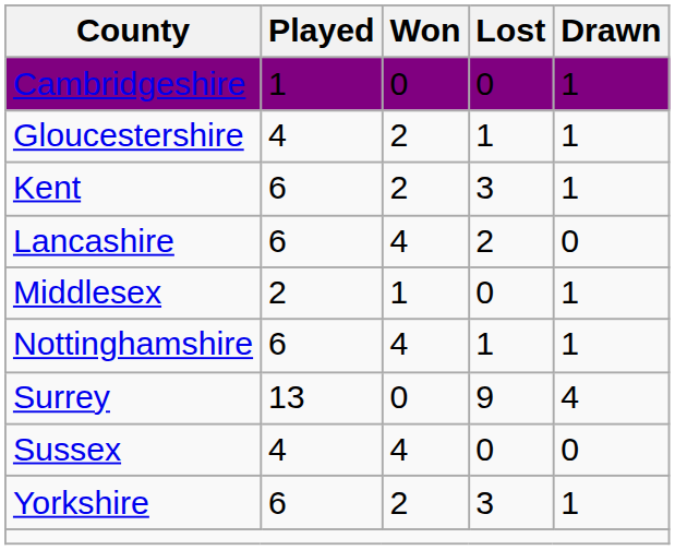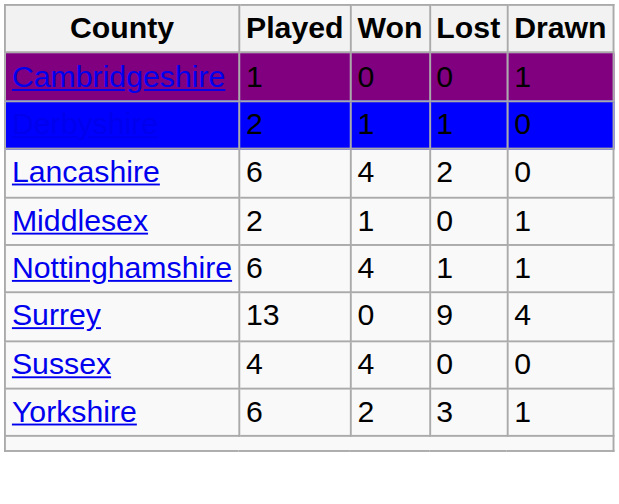 <table class="wikitable sortable">
 <tr>
 <th>County</th>
 <th>Played</th>
 <th>Won</th>
 <th>Lost</th>
 <th>Drawn</th>
 </tr>
 <tr style="background:purple">
 <td><a href='#'>Cambridgeshire</a></td>
 <td>1</td>
 <td>0</td>
 <td>0</td>
 <td>1</td>
 </tr>
-<tr>
-<td><a href='#'>Gloucestershire</a></td>
-<td>4</td>
+<tr style="background:blue">
+<td><a href='#'>Derbyshire</a></td>
 <td>2</td>
 <td>1</td>
 <td>1</td>
-</tr>
-<tr>
-<td><a href='#'>Kent</a></td>
-<td>6</td>
-<td>2</td>
-<td>3</td>
-<td>1</td>
+<td>0</td>
 </tr>
 <tr>
 <td><a href='#'>Lancashire</a></td>
 <td>6</td>
 <td>4</td>
 <td>2</td>
 <td>0</td>
 </tr>
 <tr>
 <td><a href='#'>Middlesex</a></td>
 <td>2</td>
 <td>1</td>
 <td>0</td>
 <td>1</td>
 </tr>
 <tr>
 <td><a href='#'>Nottinghamshire</a></td>
 <td>6</td>
 <td>4</td>
 <td>1</td>
 <td>1</td>
 </tr>
 <tr>
 <td><a href='#'>Surrey</a></td>
 <td>13</td>
 <td>0</td>
 <td>9</td>
 <td>4</td>
 </tr>
 <tr>
 <td><a href='#'>Sussex</a></td>
 <td>4</td>
 <td>4</td>
 <td>0</td>
 <td>0</td>
 </tr>
 <tr>
 <td><a href='#'>Yorkshire</a></td>
 <td>6</td>
 <td>2</td>
 <td>3</td>
 <td>1</td>
 </tr>
 <tr>
 <td colspan="5"></td>
 </tr>
 </table>
